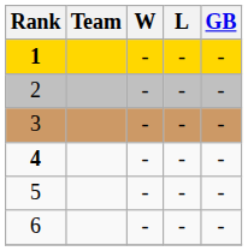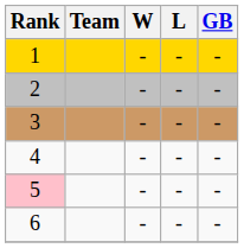 <table class="wikitable" align="center"|>
 <tr>
 <th>Rank</th>
 <th>Team</th>
 <th width=20px>W</th>
 <th width=20px>L</th>
 <th width=20px><a href='#'>GB</a></th>
 </tr>
 <tr align="center" bgcolor=gold>
-<td><strong>1</strong></td>
+<td>1</td>
 <td align="left"></td>
 <td>-</td>
 <td>-</td>
 <td>-</td>
 </tr>
 <tr align="center" bgcolor=silver>
 <td>2</td>
 <td align="left"></td>
 <td>-</td>
 <td>-</td>
 <td>-</td>
 </tr>
 <tr align="center" bgcolor=CC9966>
 <td>3</td>
 <td align="left"></td>
 <td>-</td>
 <td>-</td>
 <td>-</td>
 </tr>
 <tr align="center">
-<td><strong>4</strong></td>
+<td>4</td>
 <td align="left"></td>
 <td>-</td>
 <td>-</td>
 <td>-</td>
 </tr>
 <tr align="center">
-<td>5</td>
+<td style="background: pink;">5</td>
 <td align="left"></td>
 <td>-</td>
 <td>-</td>
 <td>-</td>
 </tr>
 <tr align="center">
 <td>6</td>
 <td align="left"></td>
 <td>-</td>
 <td>-</td>
 <td>-</td>
 </tr>
 <tr>
 </tr>
 </table>
